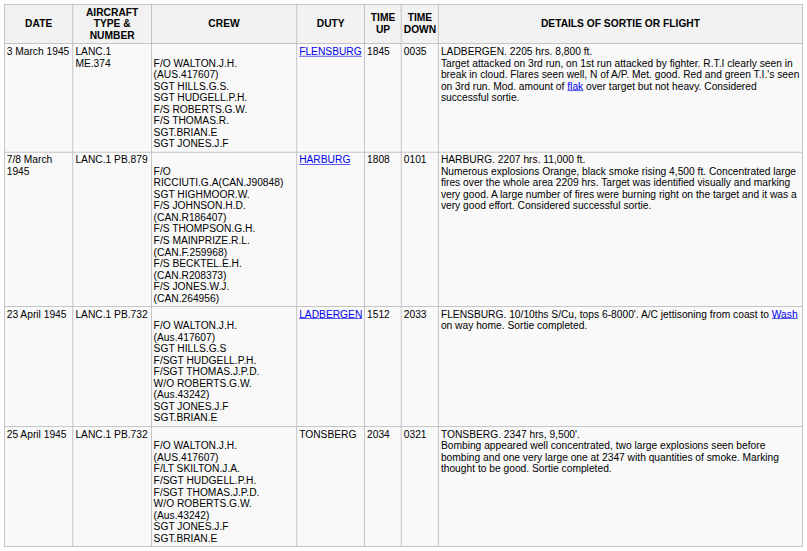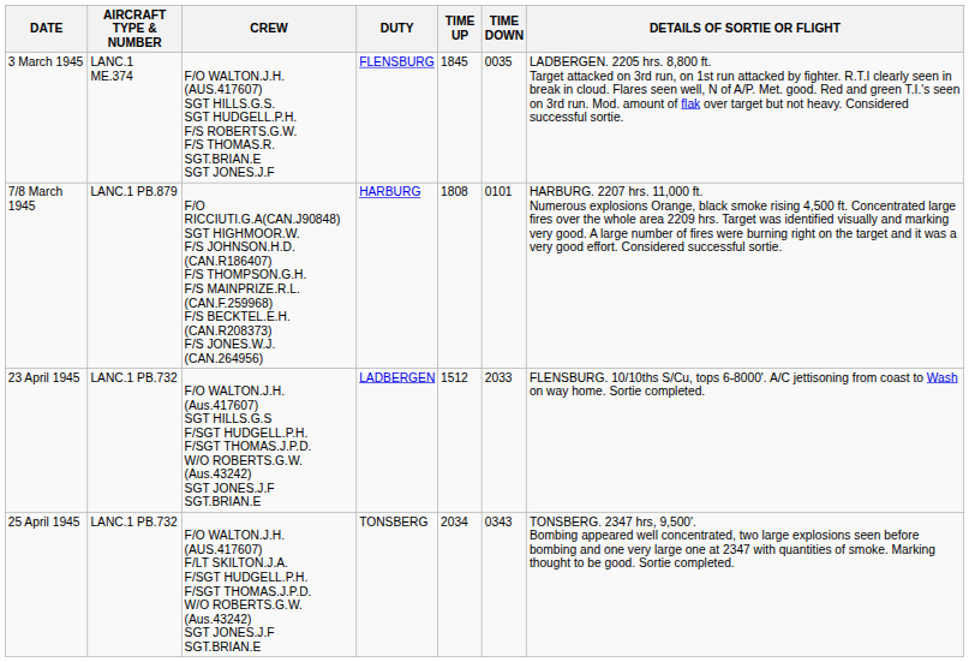 <table class="wikitable">
 <tr>
 <th width="100">DATE</th>
 <th>AIRCRAFT TYPE & NUMBER</th>
 <th width="220">CREW</th>
 <th>DUTY</th>
 <th width="50">TIME UP</th>
 <th width="50">TIME DOWN</th>
 <th>DETAILS OF SORTIE OR FLIGHT</th>
 </tr>
 <tr valign="top">
 <td>3 March 1945</td>
 <td>LANC.1 ME.374</td>
 <td><br>F/O WALTON.J.H.(AUS.417607)<br> SGT HILLS.G.S.<br> SGT HUDGELL.P.H.<br> F/S ROBERTS.G.W.<br> F/S THOMAS.R.<br> SGT.BRIAN.E<br> SGT JONES.J.F<br></td>
 <td><a href='#'>FLENSBURG</a></td>
 <td>1845</td>
 <td>0035</td>
 <td>LADBERGEN. 2205 hrs. 8,800 ft.<br>Target attacked on 3rd run, on 1st run attacked by fighter. R.T.I clearly seen in break in cloud. Flares seen well, N of A/P. Met. good. Red and green T.I.'s seen on 3rd run. Mod. amount of <a href='#'>flak</a> over target but not heavy. Considered successful sortie.</td>
 </tr>
 <tr valign="top">
 <td>7/8 March 1945</td>
 <td>LANC.1 PB.879</td>
 <td><br>F/O RICCIUTI.G.A(CAN.J90848)<br> SGT HIGHMOOR.W.<br> F/S JOHNSON.H.D.(CAN.R186407)<br> F/S THOMPSON.G.H.<br> F/S MAINPRIZE.R.L.(CAN.F.259968)<br> F/S BECKTEL.E.H.(CAN.R208373)<br> F/S JONES.W.J.(CAN.264956)<br></td>
 <td><a href='#'>HARBURG</a></td>
 <td>1808</td>
 <td>0101</td>
 <td>HARBURG. 2207 hrs. 11,000 ft.<br>Numerous explosions  Orange, black smoke rising 4,500 ft.  Concentrated large fires over the whole area 2209 hrs.  Target was identified visually and marking very good.  A large number of fires were burning right on the target and it was a very good effort.  Considered successful sortie.</td>
 </tr>
 <tr valign="top">
 <td>23 April 1945</td>
 <td>LANC.1 PB.732</td>
 <td><br>F/O WALTON.J.H.(Aus.417607)<br> SGT HILLS.G.S<br> F/SGT HUDGELL.P.H.<br> F/SGT THOMAS.J.P.D.<br> W/O ROBERTS.G.W. (Aus.43242)<br> SGT JONES.J.F<br> SGT.BRIAN.E<br></td>
 <td><a href='#'>LADBERGEN</a></td>
 <td>1512</td>
 <td>2033</td>
 <td>FLENSBURG. 10/10ths S/Cu, tops 6-8000'. A/C jettisoning from coast to <a href='#'>Wash</a> on way home. Sortie completed.</td>
 </tr>
 <tr valign="top">
 <td>25 April 1945</td>
 <td>LANC.1 PB.732</td>
 <td><br>F/O WALTON.J.H.(AUS.417607)<br> F/LT SKILTON.J.A.<br> F/SGT HUDGELL.P.H.<br> F/SGT THOMAS.J.P.D.<br> W/O ROBERTS.G.W. (Aus.43242)<br> SGT JONES.J.F<br> SGT.BRIAN.E<br></td>
 <td>TONSBERG</td>
 <td>2034</td>
-<td>0321</td>
+<td>0343</td>
 <td>TONSBERG. 2347 hrs, 9,500'.<br>Bombing appeared well concentrated, two large explosions seen before bombing and one very large one at 2347 with quantities of smoke. Marking thought to be good. Sortie completed.</td>
 </tr>
 </table>
